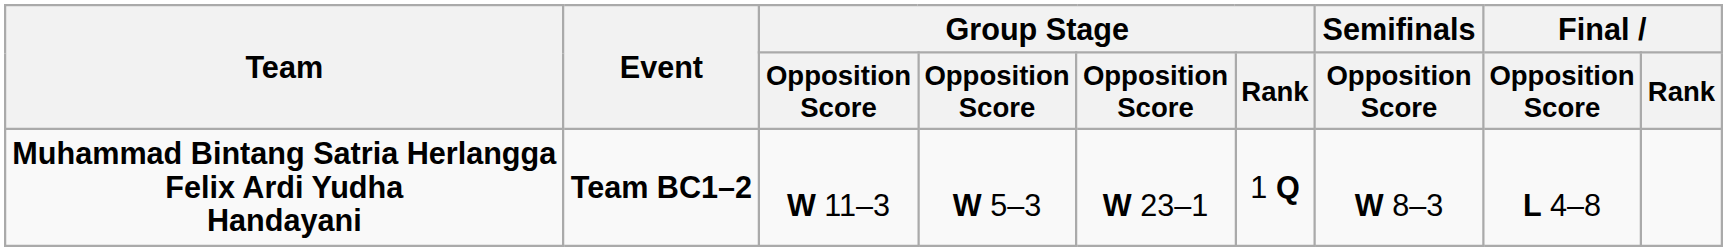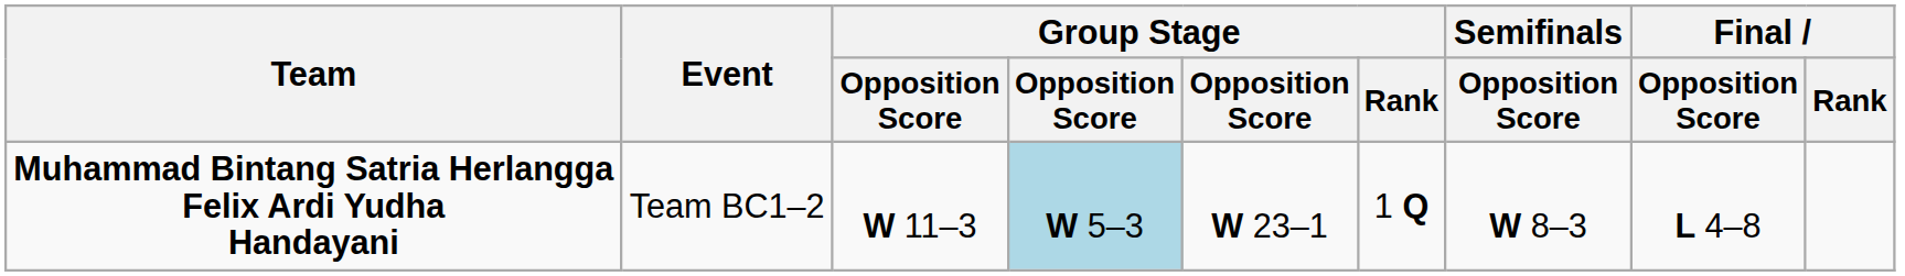 <table class="wikitable" style="font-size:85%">
 <tr>
 <th rowspan=2>Team</th>
 <th rowspan=2>Event</th>
 <th colspan=4>Group Stage</th>
 <th>Semifinals</th>
 <th colspan=2>Final / </th>
 </tr>
 <tr style="font-size:90%">
 <th>Opposition<br>Score</th>
 <th>Opposition<br>Score</th>
 <th>Opposition<br>Score</th>
 <th>Rank</th>
 <th>Opposition<br>Score</th>
 <th>Opposition<br>Score</th>
 <th>Rank</th>
 </tr>
 <tr align=center>
 <td align=center><strong>Muhammad Bintang Satria Herlangga<br>Felix Ardi Yudha<br>Handayani</strong></td>
-<td align=center><strong>Team BC1–2</strong></td>
+<td align=center>Team BC1–2</td>
 <td align=center><br><strong>W</strong> 11–3</td>
-<td align=center><br><strong>W</strong> 5–3</td>
+<td align=center style="background: lightblue;"><br><strong>W</strong> 5–3</td>
 <td align=center><br><strong>W</strong> 23–1</td>
 <td>1 <strong>Q</strong></td>
 <td align=center><br><strong>W</strong> 8–3</td>
 <td align=center><br><strong>L</strong> 4–8</td>
 <td></td>
 </tr>
 </table>
